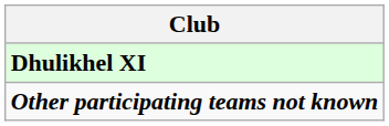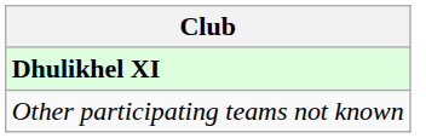 <table class="wikitable" border="1">
 <tr>
 <th>Club</th>
 </tr>
 <tr bgcolor=#dfd>
 <td><strong>Dhulikhel XI</strong></td>
 </tr>
 <tr>
-<td><strong><em>Other participating teams not known</em></strong></td>
+<td><em>Other participating teams not known</em></td>
 </tr>
 </table>
